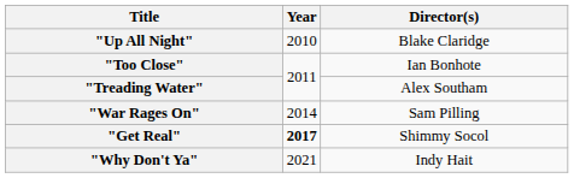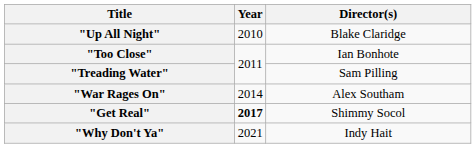 <table class="wikitable plainrowheaders" style="text-align:center;">
 <tr>
 <th scope="col" style="width:18em;">Title</th>
 <th scope="col">Year</th>
 <th scope="col" style="width:16em;">Director(s)</th>
 </tr>
 <tr>
 <th scope="row">"Up All Night"</th>
 <td>2010</td>
 <td>Blake Claridge</td>
 </tr>
 <tr>
 <th scope="row">"Too Close"</th>
 <td rowspan="2">2011</td>
 <td>Ian Bonhote</td>
 </tr>
 <tr>
 <th scope="row">"Treading Water"</th>
-<td>Alex Southam</td>
+<td>Sam Pilling</td>
 </tr>
 <tr>
 <th scope="row">"War Rages On"</th>
 <td>2014</td>
-<td>Sam Pilling</td>
+<td>Alex Southam</td>
 </tr>
 <tr>
 <th scope="row">"Get Real"</th>
 <td><strong>2017</strong></td>
 <td>Shimmy Socol</td>
 </tr>
 <tr>
 <th scope="row">"Why Don't Ya"</th>
 <td>2021</td>
 <td>Indy Hait</td>
 </tr>
 </table>
